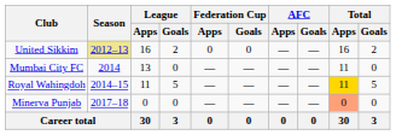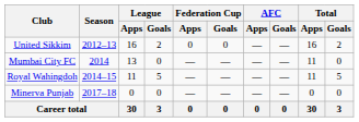 <table class="wikitable" style="font-size:90%; text-align:center;">
 <tr>
 <th rowspan="2">Club</th>
 <th rowspan="2">Season</th>
 <th colspan="2">League</th>
 <th colspan="2">Federation Cup</th>
 <th colspan="2"><a href='#'>AFC</a></th>
 <th colspan="2">Total</th>
 </tr>
 <tr>
 <th>Apps</th>
 <th>Goals</th>
 <th>Apps</th>
 <th>Goals</th>
 <th>Apps</th>
 <th>Goals</th>
 <th>Apps</th>
 <th>Goals</th>
 </tr>
 <tr>
 <td rowspan="1"><a href='#'>United Sikkim</a></td>
-<td style="background: khaki;"><a href='#'>2012–13</a></td>
+<td><a href='#'>2012–13</a></td>
 <td>16</td>
 <td>2</td>
 <td>0</td>
 <td>0</td>
 <td>—</td>
 <td>—</td>
 <td>16</td>
 <td>2</td>
 </tr>
 <tr>
 <td><a href='#'>Mumbai City FC</a></td>
 <td><a href='#'>2014</a></td>
 <td>13</td>
 <td>0</td>
 <td>—</td>
 <td>—</td>
 <td>—</td>
 <td>—</td>
 <td>11</td>
 <td>0</td>
 </tr>
 <tr>
 <td><a href='#'>Royal Wahingdoh</a></td>
 <td><a href='#'>2014–15</a></td>
 <td>11</td>
 <td>5</td>
 <td>—</td>
 <td>—</td>
 <td>—</td>
 <td>—</td>
-<td style="background: gold;">11</td>
+<td>11</td>
 <td>5</td>
 </tr>
 <tr>
 <td><a href='#'>Minerva Punjab</a></td>
 <td><a href='#'>2017–18</a></td>
 <td>0</td>
 <td>0</td>
 <td>—</td>
 <td>—</td>
 <td>—</td>
 <td>—</td>
-<td style="background: lightsalmon;">0</td>
+<td>0</td>
 <td>0</td>
 </tr>
 <tr>
 <th colspan="2">Career total</th>
 <th>30</th>
 <th>3</th>
 <th>0</th>
 <th>0</th>
 <th>0</th>
 <th>0</th>
 <th>30</th>
 <th>3</th>
 </tr>
 </table>
